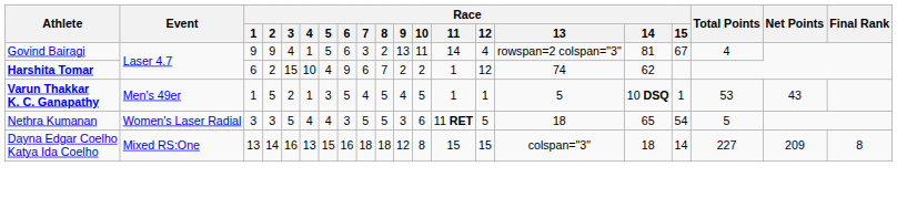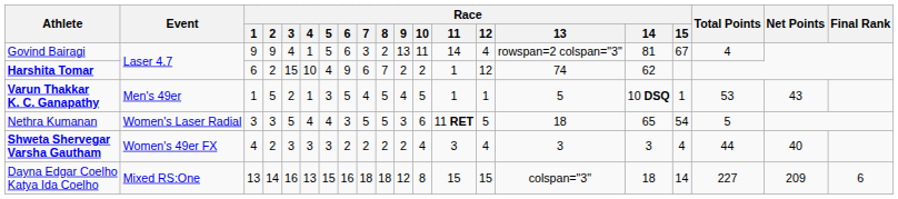 <table class="wikitable" style="text-align:center; font-size:90%">
 <tr>
 <th rowspan="2">Athlete</th>
 <th rowspan="2">Event</th>
 <th colspan="15">Race</th>
 <th rowspan="2">Total Points</th>
 <th rowspan="2">Net Points</th>
 <th rowspan="2">Final Rank</th>
 </tr>
 <tr>
 <th>1</th>
 <th>2</th>
 <th>3</th>
 <th>4</th>
 <th>5</th>
 <th>6</th>
 <th>7</th>
 <th>8</th>
 <th>9</th>
 <th>10</th>
 <th>11</th>
 <th>12</th>
 <th>13</th>
 <th>14</th>
 <th>15</th>
 </tr>
 <tr>
 <td align="left"><a href='#'>Govind Bairagi</a></td>
 <td align="left" rowspan=2><a href='#'>Laser 4.7</a></td>
 <td>9</td>
 <td>9</td>
 <td>4</td>
 <td>1</td>
 <td>5</td>
 <td>6</td>
 <td>3</td>
 <td>2</td>
 <td>13</td>
 <td>11</td>
 <td>14</td>
 <td>4</td>
 <td>rowspan=2 colspan="3" </td>
 <td>81</td>
 <td>67</td>
 <td>4</td>
 </tr>
 <tr>
 <td align="left"><strong><a href='#'>Harshita Tomar</a></strong></td>
 <td>6</td>
 <td>2</td>
 <td>15</td>
 <td>10</td>
 <td>4</td>
 <td>9</td>
 <td>6</td>
 <td>7</td>
 <td>2</td>
 <td>2</td>
 <td>1</td>
 <td>12</td>
 <td>74</td>
 <td>62</td>
 <td></td>
 </tr>
 <tr>
 <td align="left"><strong><a href='#'>Varun Thakkar</a><br><a href='#'>K. C. Ganapathy</a></strong></td>
 <td align="left"><a href='#'>Men's 49er</a></td>
 <td>1</td>
 <td>5</td>
 <td>2</td>
 <td>1</td>
 <td>3</td>
 <td>5</td>
 <td>4</td>
 <td>5</td>
 <td>4</td>
 <td>5</td>
 <td>1</td>
 <td>1</td>
 <td>5</td>
 <td>10 <strong>DSQ</strong></td>
 <td>1</td>
 <td>53</td>
 <td>43</td>
 <td></td>
 </tr>
 <tr>
 <td align="left"><a href='#'>Nethra Kumanan</a></td>
 <td align="left"><a href='#'>Women's Laser Radial</a></td>
 <td>3</td>
 <td>3</td>
 <td>5</td>
 <td>4</td>
 <td>4</td>
 <td>3</td>
 <td>5</td>
 <td>5</td>
 <td>3</td>
 <td>6</td>
 <td>11 <strong>RET</strong></td>
 <td>5</td>
 <td>18</td>
 <td>65</td>
 <td>54</td>
 <td>5</td>
 </tr>
 <tr>
+<td align="left"><strong><a href='#'>Shweta Shervegar</a><br><a href='#'>Varsha Gautham</a></strong></td>
+<td align="left"><a href='#'>Women's 49er FX</a></td>
+<td>4</td>
+<td>2</td>
+<td>3</td>
+<td>3</td>
+<td>3</td>
+<td>2</td>
+<td>2</td>
+<td>2</td>
+<td>2</td>
+<td>4</td>
+<td>3</td>
+<td>4</td>
+<td>3</td>
+<td>3</td>
+<td>4</td>
+<td>44</td>
+<td>40</td>
+<td></td>
+</tr>
+<tr>
 <td align="left"><a href='#'>Dayna Edgar Coelho</a><br><a href='#'>Katya Ida Coelho</a></td>
 <td align="left"><a href='#'>Mixed RS:One</a></td>
 <td>13</td>
 <td>14</td>
 <td>16</td>
 <td>13</td>
 <td>15</td>
 <td>16</td>
 <td>18</td>
 <td>18</td>
 <td>12</td>
 <td>8</td>
 <td>15</td>
 <td>15</td>
 <td>colspan="3" </td>
 <td>18</td>
 <td>14</td>
 <td>227</td>
 <td>209</td>
-<td>8</td>
+<td>6</td>
 </tr>
 </table>
